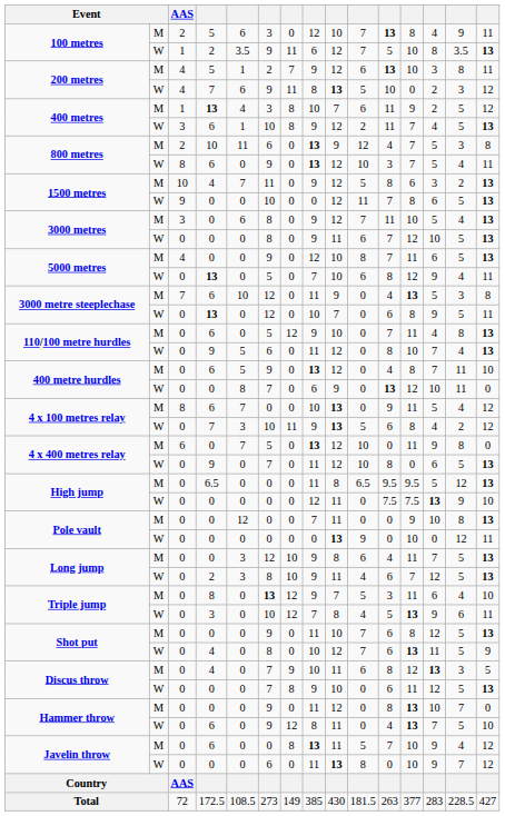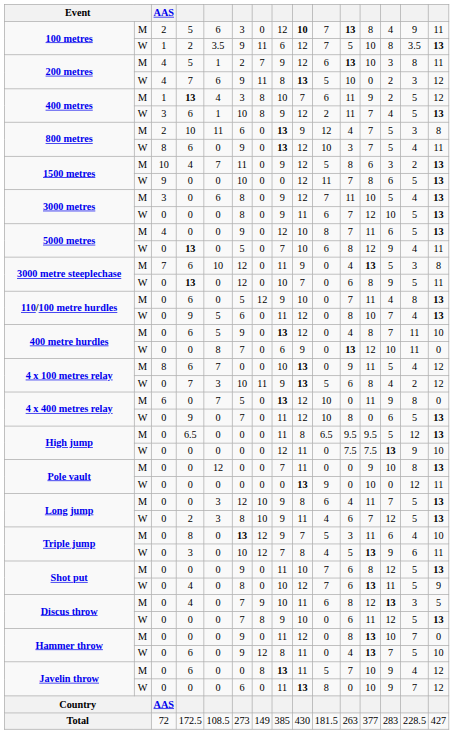 <table class="wikitable" style="background-color: #f9f9f9; font-size: 90%; text-align: center">
 <tr>
 <th width=200 colspan=2>Event</th>
 <th> <a href='#'>AAS</a></th>
 <th></th>
 <th></th>
 <th></th>
 <th></th>
 <th></th>
 <th></th>
 <th></th>
 <th></th>
 <th></th>
 <th></th>
 <th></th>
 <th></th>
 </tr>
 <tr>
 <td rowspan=2><strong><a href='#'>100 metres</a></strong></td>
 <td>M</td>
 <td>2</td>
 <td>5</td>
 <td>6</td>
 <td>3</td>
 <td>0</td>
 <td>12</td>
-<td>10</td>
+<td><strong>10</strong></td>
 <td>7</td>
 <td><strong>13</strong></td>
 <td>8</td>
 <td>4</td>
 <td>9</td>
 <td>11</td>
 </tr>
 <tr>
 <td>W</td>
 <td>1</td>
 <td>2</td>
 <td>3.5</td>
 <td>9</td>
 <td>11</td>
 <td>6</td>
 <td>12</td>
 <td>7</td>
 <td>5</td>
 <td>10</td>
 <td>8</td>
 <td>3.5</td>
 <td><strong>13</strong></td>
 </tr>
 <tr>
 <td rowspan=2><strong><a href='#'>200 metres</a></strong></td>
 <td>M</td>
 <td>4</td>
 <td>5</td>
 <td>1</td>
 <td>2</td>
 <td>7</td>
 <td>9</td>
 <td>12</td>
 <td>6</td>
 <td><strong>13</strong></td>
 <td>10</td>
 <td>3</td>
 <td>8</td>
 <td>11</td>
 </tr>
 <tr>
 <td>W</td>
 <td>4</td>
 <td>7</td>
 <td>6</td>
 <td>9</td>
 <td>11</td>
 <td>8</td>
 <td><strong>13</strong></td>
 <td>5</td>
 <td>10</td>
 <td>0</td>
 <td>2</td>
 <td>3</td>
 <td>12</td>
 </tr>
 <tr>
 <td rowspan=2><strong><a href='#'>400 metres</a></strong></td>
 <td>M</td>
 <td>1</td>
 <td><strong>13</strong></td>
 <td>4</td>
 <td>3</td>
 <td>8</td>
 <td>10</td>
 <td>7</td>
 <td>6</td>
 <td>11</td>
 <td>9</td>
 <td>2</td>
 <td>5</td>
 <td>12</td>
 </tr>
 <tr>
 <td>W</td>
 <td>3</td>
 <td>6</td>
 <td>1</td>
 <td>10</td>
 <td>8</td>
 <td>9</td>
 <td>12</td>
 <td>2</td>
 <td>11</td>
 <td>7</td>
 <td>4</td>
 <td>5</td>
 <td><strong>13</strong></td>
 </tr>
 <tr>
 <td rowspan=2><strong><a href='#'>800 metres</a></strong></td>
 <td>M</td>
 <td>2</td>
 <td>10</td>
 <td>11</td>
 <td>6</td>
 <td>0</td>
 <td><strong>13</strong></td>
 <td>9</td>
 <td>12</td>
 <td>4</td>
 <td>7</td>
 <td>5</td>
 <td>3</td>
 <td>8</td>
 </tr>
 <tr>
 <td>W</td>
 <td>8</td>
 <td>6</td>
 <td>0</td>
 <td>9</td>
 <td>0</td>
 <td><strong>13</strong></td>
 <td>12</td>
 <td>10</td>
 <td>3</td>
 <td>7</td>
 <td>5</td>
 <td>4</td>
 <td>11</td>
 </tr>
 <tr>
 <td rowspan=2><strong><a href='#'>1500 metres</a></strong></td>
 <td>M</td>
 <td>10</td>
 <td>4</td>
 <td>7</td>
 <td>11</td>
 <td>0</td>
 <td>9</td>
 <td>12</td>
 <td>5</td>
 <td>8</td>
 <td>6</td>
 <td>3</td>
 <td>2</td>
 <td><strong>13</strong></td>
 </tr>
 <tr>
 <td>W</td>
 <td>9</td>
 <td>0</td>
 <td>0</td>
 <td>10</td>
 <td>0</td>
 <td>0</td>
 <td>12</td>
 <td>11</td>
 <td>7</td>
 <td>8</td>
 <td>6</td>
 <td>5</td>
 <td><strong>13</strong></td>
 </tr>
 <tr>
 <td rowspan=2><strong><a href='#'>3000 metres</a></strong></td>
 <td>M</td>
 <td>3</td>
 <td>0</td>
 <td>6</td>
 <td>8</td>
 <td>0</td>
 <td>9</td>
 <td>12</td>
 <td>7</td>
 <td>11</td>
 <td>10</td>
 <td>5</td>
 <td>4</td>
 <td><strong>13</strong></td>
 </tr>
 <tr>
 <td>W</td>
 <td>0</td>
 <td>0</td>
 <td>0</td>
 <td>8</td>
 <td>0</td>
 <td>9</td>
 <td>11</td>
 <td>6</td>
 <td>7</td>
 <td>12</td>
 <td>10</td>
 <td>5</td>
 <td><strong>13</strong></td>
 </tr>
 <tr>
 <td rowspan=2><strong><a href='#'>5000 metres</a></strong></td>
 <td>M</td>
 <td>4</td>
 <td>0</td>
 <td>0</td>
 <td>9</td>
 <td>0</td>
 <td>12</td>
 <td>10</td>
 <td>8</td>
 <td>7</td>
 <td>11</td>
 <td>6</td>
 <td>5</td>
 <td><strong>13</strong></td>
 </tr>
 <tr>
 <td>W</td>
 <td>0</td>
 <td><strong>13</strong></td>
 <td>0</td>
 <td>5</td>
 <td>0</td>
 <td>7</td>
 <td>10</td>
 <td>6</td>
 <td>8</td>
 <td>12</td>
 <td>9</td>
 <td>4</td>
 <td>11</td>
 </tr>
 <tr>
 <td rowspan=2><strong><a href='#'>3000 metre steeplechase</a></strong></td>
 <td>M</td>
 <td>7</td>
 <td>6</td>
 <td>10</td>
 <td>12</td>
 <td>0</td>
 <td>11</td>
 <td>9</td>
 <td>0</td>
 <td>4</td>
 <td><strong>13</strong></td>
 <td>5</td>
 <td>3</td>
 <td>8</td>
 </tr>
 <tr>
 <td>W</td>
 <td>0</td>
 <td><strong>13</strong></td>
 <td>0</td>
 <td>12</td>
 <td>0</td>
 <td>10</td>
 <td>7</td>
 <td>0</td>
 <td>6</td>
 <td>8</td>
 <td>9</td>
 <td>5</td>
 <td>11</td>
 </tr>
 <tr>
 <td rowspan=2><strong><a href='#'>110</a>/<a href='#'>100 metre hurdles</a></strong></td>
 <td>M</td>
 <td>0</td>
 <td>6</td>
 <td>0</td>
 <td>5</td>
 <td>12</td>
 <td>9</td>
 <td>10</td>
 <td>0</td>
 <td>7</td>
 <td>11</td>
 <td>4</td>
 <td>8</td>
 <td><strong>13</strong></td>
 </tr>
 <tr>
 <td>W</td>
 <td>0</td>
 <td>9</td>
 <td>5</td>
 <td>6</td>
 <td>0</td>
 <td>11</td>
 <td>12</td>
 <td>0</td>
 <td>8</td>
 <td>10</td>
 <td>7</td>
 <td>4</td>
 <td><strong>13</strong></td>
 </tr>
 <tr>
 <td rowspan=2><strong><a href='#'>400 metre hurdles</a></strong></td>
 <td>M</td>
 <td>0</td>
 <td>6</td>
 <td>5</td>
 <td>9</td>
 <td>0</td>
 <td><strong>13</strong></td>
 <td>12</td>
 <td>0</td>
 <td>4</td>
 <td>8</td>
 <td>7</td>
 <td>11</td>
 <td>10</td>
 </tr>
 <tr>
 <td>W</td>
 <td>0</td>
 <td>0</td>
 <td>8</td>
 <td>7</td>
 <td>0</td>
 <td>6</td>
 <td>9</td>
 <td>0</td>
 <td><strong>13</strong></td>
 <td>12</td>
 <td>10</td>
 <td>11</td>
 <td>0</td>
 </tr>
 <tr>
 <td rowspan=2><strong><a href='#'>4 x 100 metres relay</a></strong></td>
 <td>M</td>
 <td>8</td>
 <td>6</td>
 <td>7</td>
 <td>0</td>
 <td>0</td>
 <td>10</td>
 <td><strong>13</strong></td>
 <td>0</td>
 <td>9</td>
 <td>11</td>
 <td>5</td>
 <td>4</td>
 <td>12</td>
 </tr>
 <tr>
 <td>W</td>
 <td>0</td>
 <td>7</td>
 <td>3</td>
 <td>10</td>
 <td>11</td>
 <td>9</td>
 <td><strong>13</strong></td>
 <td>5</td>
 <td>6</td>
 <td>8</td>
 <td>4</td>
 <td>2</td>
 <td>12</td>
 </tr>
 <tr>
 <td rowspan=2><strong><a href='#'>4 x 400 metres relay</a></strong></td>
 <td>M</td>
 <td>6</td>
 <td>0</td>
 <td>7</td>
 <td>5</td>
 <td>0</td>
 <td><strong>13</strong></td>
 <td>12</td>
 <td>10</td>
 <td>0</td>
 <td>11</td>
 <td>9</td>
 <td>8</td>
 <td>0</td>
 </tr>
 <tr>
 <td>W</td>
 <td>0</td>
 <td>9</td>
 <td>0</td>
 <td>7</td>
 <td>0</td>
 <td>11</td>
 <td>12</td>
 <td>10</td>
 <td>8</td>
 <td>0</td>
 <td>6</td>
 <td>5</td>
 <td><strong>13</strong></td>
 </tr>
 <tr>
 <td rowspan=2><strong><a href='#'>High jump</a></strong></td>
 <td>M</td>
 <td>0</td>
 <td>6.5</td>
 <td>0</td>
 <td>0</td>
 <td>0</td>
 <td>11</td>
 <td>8</td>
 <td>6.5</td>
 <td>9.5</td>
 <td>9.5</td>
 <td>5</td>
 <td>12</td>
 <td><strong>13</strong></td>
 </tr>
 <tr>
 <td>W</td>
 <td>0</td>
 <td>0</td>
 <td>0</td>
 <td>0</td>
 <td>0</td>
 <td>12</td>
 <td>11</td>
 <td>0</td>
 <td>7.5</td>
 <td>7.5</td>
 <td><strong>13</strong></td>
 <td>9</td>
 <td>10</td>
 </tr>
 <tr>
 <td rowspan=2><strong><a href='#'>Pole vault</a></strong></td>
 <td>M</td>
 <td>0</td>
 <td>0</td>
 <td>12</td>
 <td>0</td>
 <td>0</td>
 <td>7</td>
 <td>11</td>
 <td>0</td>
 <td>0</td>
 <td>9</td>
 <td>10</td>
 <td>8</td>
 <td><strong>13</strong></td>
 </tr>
 <tr>
 <td>W</td>
 <td>0</td>
 <td>0</td>
 <td>0</td>
 <td>0</td>
 <td>0</td>
 <td>0</td>
 <td><strong>13</strong></td>
 <td>9</td>
 <td>0</td>
 <td>10</td>
 <td>0</td>
 <td>12</td>
 <td>11</td>
 </tr>
 <tr>
 <td rowspan=2><strong><a href='#'>Long jump</a></strong></td>
 <td>M</td>
 <td>0</td>
 <td>0</td>
 <td>3</td>
 <td>12</td>
 <td>10</td>
 <td>9</td>
 <td>8</td>
 <td>6</td>
 <td>4</td>
 <td>11</td>
 <td>7</td>
 <td>5</td>
 <td><strong>13</strong></td>
 </tr>
 <tr>
 <td>W</td>
 <td>0</td>
 <td>2</td>
 <td>3</td>
 <td>8</td>
 <td>10</td>
 <td>9</td>
 <td>11</td>
 <td>4</td>
 <td>6</td>
 <td>7</td>
 <td>12</td>
 <td>5</td>
 <td><strong>13</strong></td>
 </tr>
 <tr>
 <td rowspan=2><strong><a href='#'>Triple jump</a></strong></td>
 <td>M</td>
 <td>0</td>
 <td>8</td>
 <td>0</td>
 <td><strong>13</strong></td>
 <td>12</td>
 <td>9</td>
 <td>7</td>
 <td>5</td>
 <td>3</td>
 <td>11</td>
 <td>6</td>
 <td>4</td>
 <td>10</td>
 </tr>
 <tr>
 <td>W</td>
 <td>0</td>
 <td>3</td>
 <td>0</td>
 <td>10</td>
 <td>12</td>
 <td>7</td>
 <td>8</td>
 <td>4</td>
 <td>5</td>
 <td><strong>13</strong></td>
 <td>9</td>
 <td>6</td>
 <td>11</td>
 </tr>
 <tr>
 <td rowspan=2><strong><a href='#'>Shot put</a></strong></td>
 <td>M</td>
 <td>0</td>
 <td>0</td>
 <td>0</td>
 <td>9</td>
 <td>0</td>
 <td>11</td>
 <td>10</td>
 <td>7</td>
 <td>6</td>
 <td>8</td>
 <td>12</td>
 <td>5</td>
 <td><strong>13</strong></td>
 </tr>
 <tr>
 <td>W</td>
 <td>0</td>
 <td>4</td>
 <td>0</td>
 <td>8</td>
 <td>0</td>
 <td>10</td>
 <td>12</td>
 <td>7</td>
 <td>6</td>
 <td><strong>13</strong></td>
 <td>11</td>
 <td>5</td>
 <td>9</td>
 </tr>
 <tr>
 <td rowspan=2><strong><a href='#'>Discus throw</a></strong></td>
 <td>M</td>
 <td>0</td>
 <td>4</td>
 <td>0</td>
 <td>7</td>
 <td>9</td>
 <td>10</td>
 <td>11</td>
 <td>6</td>
 <td>8</td>
 <td>12</td>
 <td><strong>13</strong></td>
 <td>3</td>
 <td>5</td>
 </tr>
 <tr>
 <td>W</td>
 <td>0</td>
 <td>0</td>
 <td>0</td>
 <td>7</td>
 <td>8</td>
 <td>9</td>
 <td>10</td>
 <td>0</td>
 <td>6</td>
 <td>11</td>
 <td>12</td>
 <td>5</td>
 <td><strong>13</strong></td>
 </tr>
 <tr>
 <td rowspan=2><strong><a href='#'>Hammer throw</a></strong></td>
 <td>M</td>
 <td>0</td>
 <td>0</td>
 <td>0</td>
 <td>9</td>
 <td>0</td>
 <td>11</td>
 <td>12</td>
 <td>0</td>
 <td>8</td>
 <td><strong>13</strong></td>
 <td>10</td>
 <td>7</td>
 <td>0</td>
 </tr>
 <tr>
 <td>W</td>
 <td>0</td>
 <td>6</td>
 <td>0</td>
 <td>9</td>
 <td>12</td>
 <td>8</td>
 <td>11</td>
 <td>0</td>
 <td>4</td>
 <td><strong>13</strong></td>
 <td>7</td>
 <td>5</td>
 <td>10</td>
 </tr>
 <tr>
 <td rowspan=2><strong><a href='#'>Javelin throw</a></strong></td>
 <td>M</td>
 <td>0</td>
 <td>6</td>
 <td>0</td>
 <td>0</td>
 <td>8</td>
 <td><strong>13</strong></td>
 <td>11</td>
 <td>5</td>
 <td>7</td>
 <td>10</td>
 <td>9</td>
 <td>4</td>
 <td>12</td>
 </tr>
 <tr>
 <td>W</td>
 <td>0</td>
 <td>0</td>
 <td>0</td>
 <td>6</td>
 <td>0</td>
 <td>11</td>
 <td><strong>13</strong></td>
 <td>8</td>
 <td>0</td>
 <td>10</td>
 <td>9</td>
 <td>7</td>
 <td>12</td>
 </tr>
 <tr>
 <th colspan=2>Country</th>
 <th> <a href='#'>AAS</a></th>
 <th></th>
 <th></th>
 <th></th>
 <th></th>
 <th></th>
 <th></th>
 <th></th>
 <th></th>
 <th></th>
 <th></th>
 <th></th>
 <th></th>
 </tr>
 <tr>
 <th colspan=2>Total</th>
 <td>72</td>
 <td>172.5</td>
 <td>108.5</td>
 <td>273</td>
 <td>149</td>
 <td>385</td>
 <td>430</td>
 <td>181.5</td>
 <td>263</td>
 <td>377</td>
 <td>283</td>
 <td>228.5</td>
 <td>427</td>
 </tr>
 </table>
